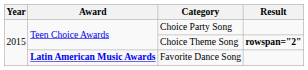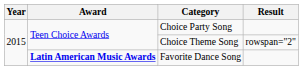 <table class="wikitable">
 <tr>
 <th scope="col">Year</th>
 <th scope="col">Award</th>
 <th scope="col">Category</th>
 <th scope="col">Result</th>
 </tr>
 <tr>
 <td rowspan="4">2015</td>
 <td rowspan="2"><a href='#'>Teen Choice Awards</a></td>
 <td>Choice Party Song</td>
 <td></td>
 </tr>
 <tr>
 <td>Choice Theme Song</td>
-<td><strong>rowspan="2" </strong></td>
+<td>rowspan="2" </td>
 </tr>
 <tr>
 <td rowspan="1"><strong><a href='#'>Latin American Music Awards</a></strong></td>
 <td>Favorite Dance Song</td>
 </tr>
 </table>
